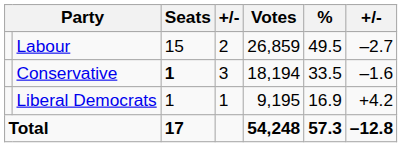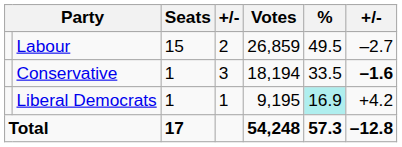 <table class="wikitable sortable">
 <tr>
 <th colspan="2">Party</th>
 <th>Seats</th>
 <th>+/-</th>
 <th>Votes</th>
 <th>%</th>
 <th>+/-</th>
 </tr>
 <tr>
 <td style="background-color: "></td>
 <td><a href='#'>Labour</a></td>
 <td>15</td>
 <td> 2</td>
 <td style="text-align:right;">26,859</td>
 <td style="text-align:right;">49.5</td>
 <td style="text-align:right;">–2.7</td>
 </tr>
 <tr>
 <td style="background-color: "></td>
 <td><a href='#'>Conservative</a></td>
-<td><strong>1</strong></td>
+<td>1</td>
 <td> 3</td>
 <td style="text-align:right;">18,194</td>
 <td style="text-align:right;">33.5</td>
-<td style="text-align:right;">–1.6</td>
+<td style="text-align:right;"><strong>–1.6</strong></td>
 </tr>
 <tr>
 <td style="background-color: "></td>
 <td><a href='#'>Liberal Democrats</a></td>
 <td>1</td>
 <td> 1</td>
 <td style="text-align:right;">9,195</td>
-<td style="text-align:right;">16.9</td>
+<td style="background: paleturquoise; text-align:right;">16.9</td>
 <td style="text-align:right;">+4.2</td>
 </tr>
 <tr>
 <td colspan="2"><strong>Total</strong></td>
 <td><strong>17</strong></td>
 <td></td>
 <td style="text-align:right;"><strong>54,248</strong></td>
 <td style="text-align:right;"><strong>57.3</strong></td>
 <td style="text-align:right;"><strong>–12.8</strong></td>
 </tr>
 </table>
